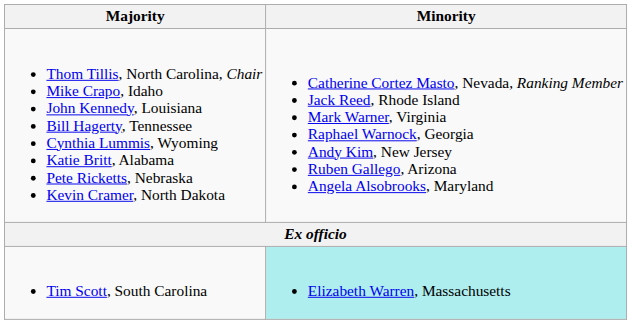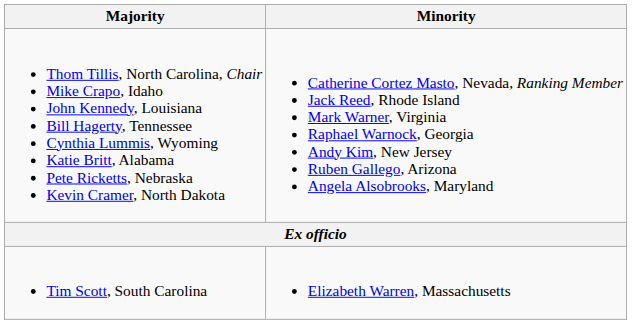 <table class=wikitable>
 <tr>
 <th>Majority</th>
 <th>Minority</th>
 </tr>
 <tr>
 <td><br><ul><li><a href='#'>Thom Tillis</a>, North Carolina, <em>Chair</em></li><li><a href='#'>Mike Crapo</a>, Idaho</li><li><a href='#'>John Kennedy</a>, Louisiana</li><li><a href='#'>Bill Hagerty</a>, Tennessee</li><li><a href='#'>Cynthia Lummis</a>, Wyoming</li><li><a href='#'>Katie Britt</a>, Alabama</li><li><a href='#'>Pete Ricketts</a>, Nebraska</li><li><a href='#'>Kevin Cramer</a>, North Dakota</li></ul></td>
 <td><br><ul><li><a href='#'>Catherine Cortez Masto</a>, Nevada, <em>Ranking Member</em></li><li><a href='#'>Jack Reed</a>, Rhode Island</li><li><a href='#'>Mark Warner</a>, Virginia</li><li><a href='#'>Raphael Warnock</a>, Georgia</li><li><a href='#'>Andy Kim</a>, New Jersey</li><li><a href='#'>Ruben Gallego</a>, Arizona</li><li><a href='#'>Angela Alsobrooks</a>, Maryland</li></ul></td>
 </tr>
 <tr>
 <th colspan=2><em>Ex officio</em></th>
 </tr>
 <tr>
 <td><br><ul><li><a href='#'>Tim Scott</a>, South Carolina</li></ul></td>
-<td style="background: paleturquoise;"><br><ul><li><a href='#'>Elizabeth Warren</a>, Massachusetts</li></ul></td>
+<td><br><ul><li><a href='#'>Elizabeth Warren</a>, Massachusetts</li></ul></td>
 </tr>
 </table>
